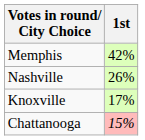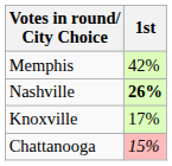 <table class="wikitable">
 <tr>
 <th>Votes in round/<br>City Choice</th>
 <th>1st</th>
 </tr>
 <tr>
 <td>Memphis</td>
 <td style="background:#dfb;">42%</td>
 </tr>
 <tr>
 <td>Nashville</td>
-<td style="background:#dfb;">26%</td>
+<td style="background:#dfb;"><strong>26%</strong></td>
 </tr>
 <tr>
 <td>Knoxville</td>
 <td style="background:#dfb;">17%</td>
 </tr>
 <tr>
 <td>Chattanooga</td>
 <td style="background:#fbb;"><em>15%</em></td>
 </tr>
 </table>
